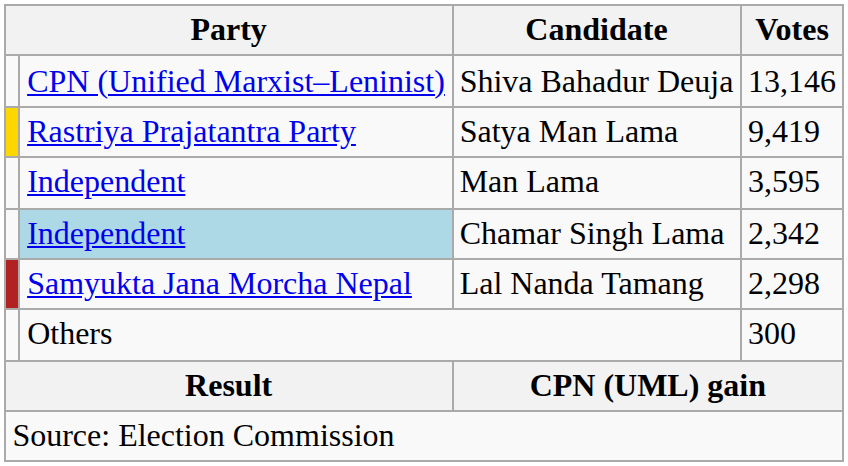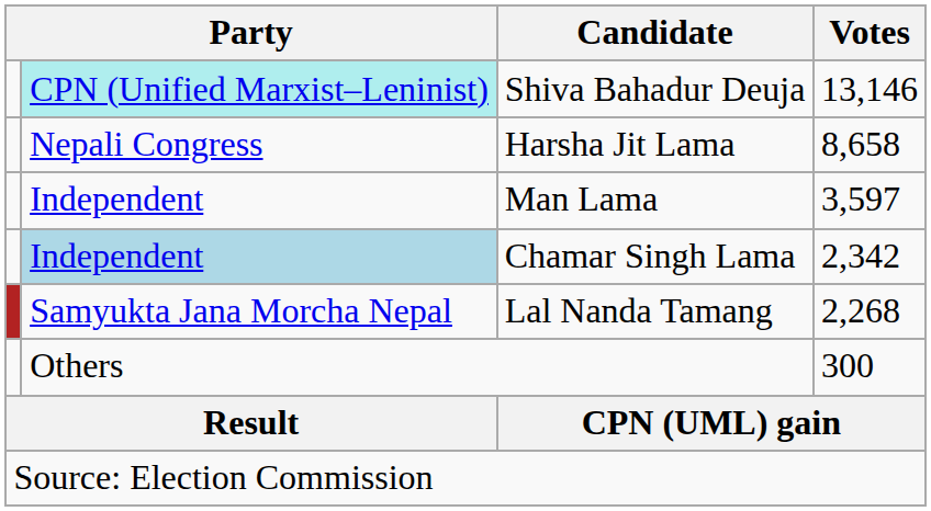 <table class="wikitable">
 <tr>
 <th colspan="2">Party</th>
 <th>Candidate</th>
 <th>Votes</th>
 </tr>
 <tr>
 <td style="background-color:"></td>
-<td><a href='#'>CPN (Unified Marxist–Leninist)</a></td>
+<td style="background: paleturquoise;"><a href='#'>CPN (Unified Marxist–Leninist)</a></td>
 <td>Shiva Bahadur Deuja</td>
 <td>13,146</td>
 </tr>
 <tr>
-<td style="background-color:gold"></td>
-<td><a href='#'>Rastriya Prajatantra Party</a></td>
-<td>Satya Man Lama</td>
-<td>9,419</td>
+<td style="background-color:"></td>
+<td><a href='#'>Nepali Congress</a></td>
+<td>Harsha Jit Lama</td>
+<td>8,658</td>
 </tr>
 <tr>
 <td style="background-color:"></td>
 <td><a href='#'>Independent</a></td>
 <td>Man Lama</td>
-<td>3,595</td>
+<td>3,597</td>
 </tr>
 <tr>
 <td style="background-color:"></td>
 <td style="background: lightblue;"><a href='#'>Independent</a></td>
 <td>Chamar Singh Lama</td>
 <td>2,342</td>
 </tr>
 <tr>
 <td style="background-color:firebrick"></td>
 <td><a href='#'>Samyukta Jana Morcha Nepal</a></td>
 <td>Lal Nanda Tamang</td>
-<td>2,298</td>
+<td>2,268</td>
 </tr>
 <tr>
 <td></td>
 <td colspan="2">Others</td>
 <td>300</td>
 </tr>
 <tr>
 <th colspan="2">Result</th>
 <th colspan="2">CPN (UML) gain</th>
 </tr>
 <tr>
 <td colspan="4">Source: Election Commission</td>
 </tr>
 </table>
